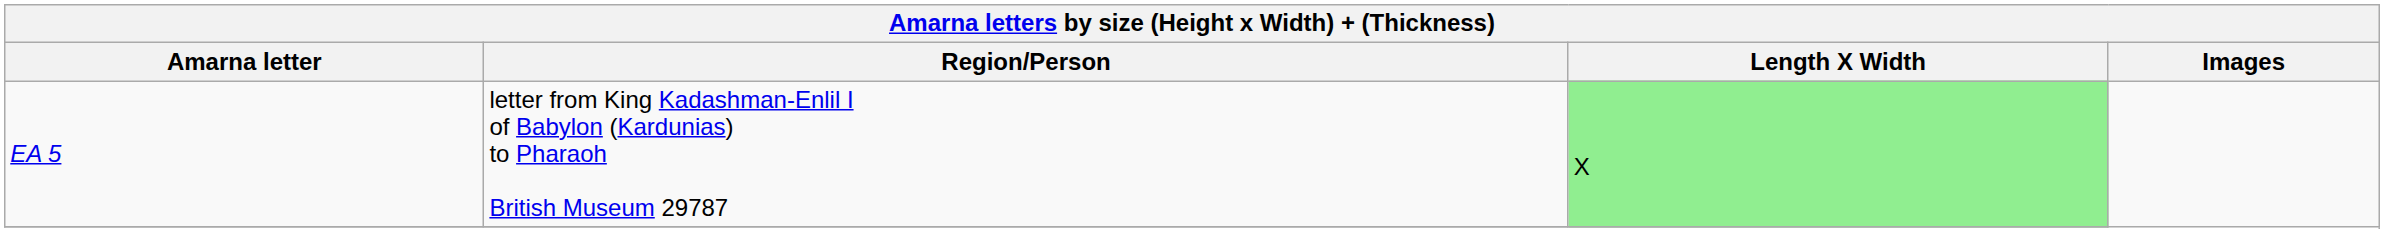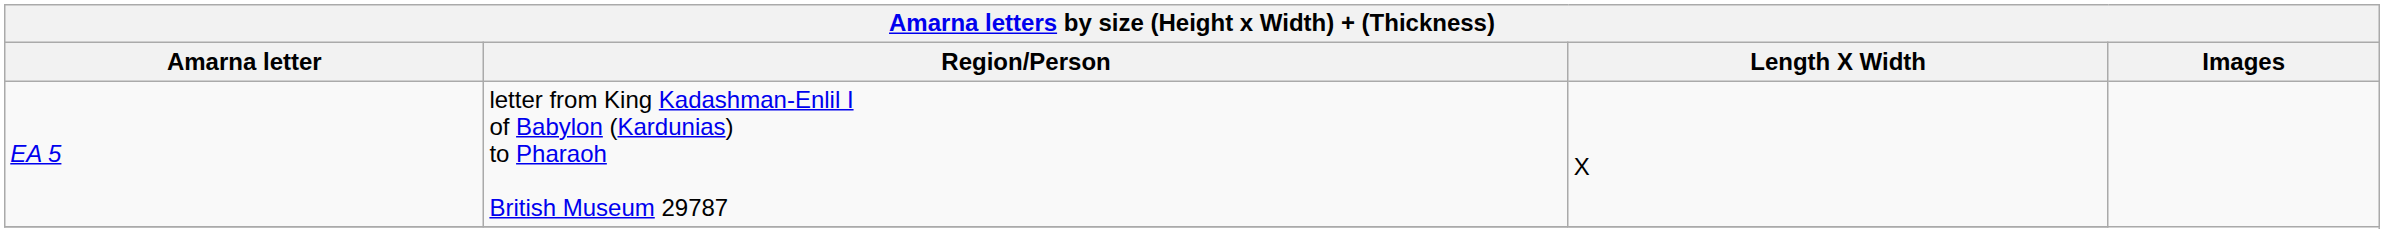 <table class="wikitable" align="center" width="100%">
 <tr>
 <th colspan="5" align="center"><strong><a href='#'>Amarna letters</a> by size (Height x Width) + (Thickness)</strong></th>
 </tr>
 <tr>
 <th>Amarna letter</th>
 <th>Region/Person</th>
 <th>Length X Width</th>
 <th>Images</th>
 </tr>
 <tr>
 <td><em><a href='#'>EA 5</a></em></td>
 <td>letter from King <a href='#'>Kadashman-Enlil I</a> <br>of <a href='#'>Babylon</a> (<a href='#'>Kardunias</a>) <br>to <a href='#'>Pharaoh</a> <br><br><a href='#'>British Museum</a> 29787</td>
-<td style="background: lightgreen;"> <br>X </td>
+<td> <br>X </td>
 <td rowspan="99"></td>
 </tr>
 <tr>
 </tr>
 </table>
